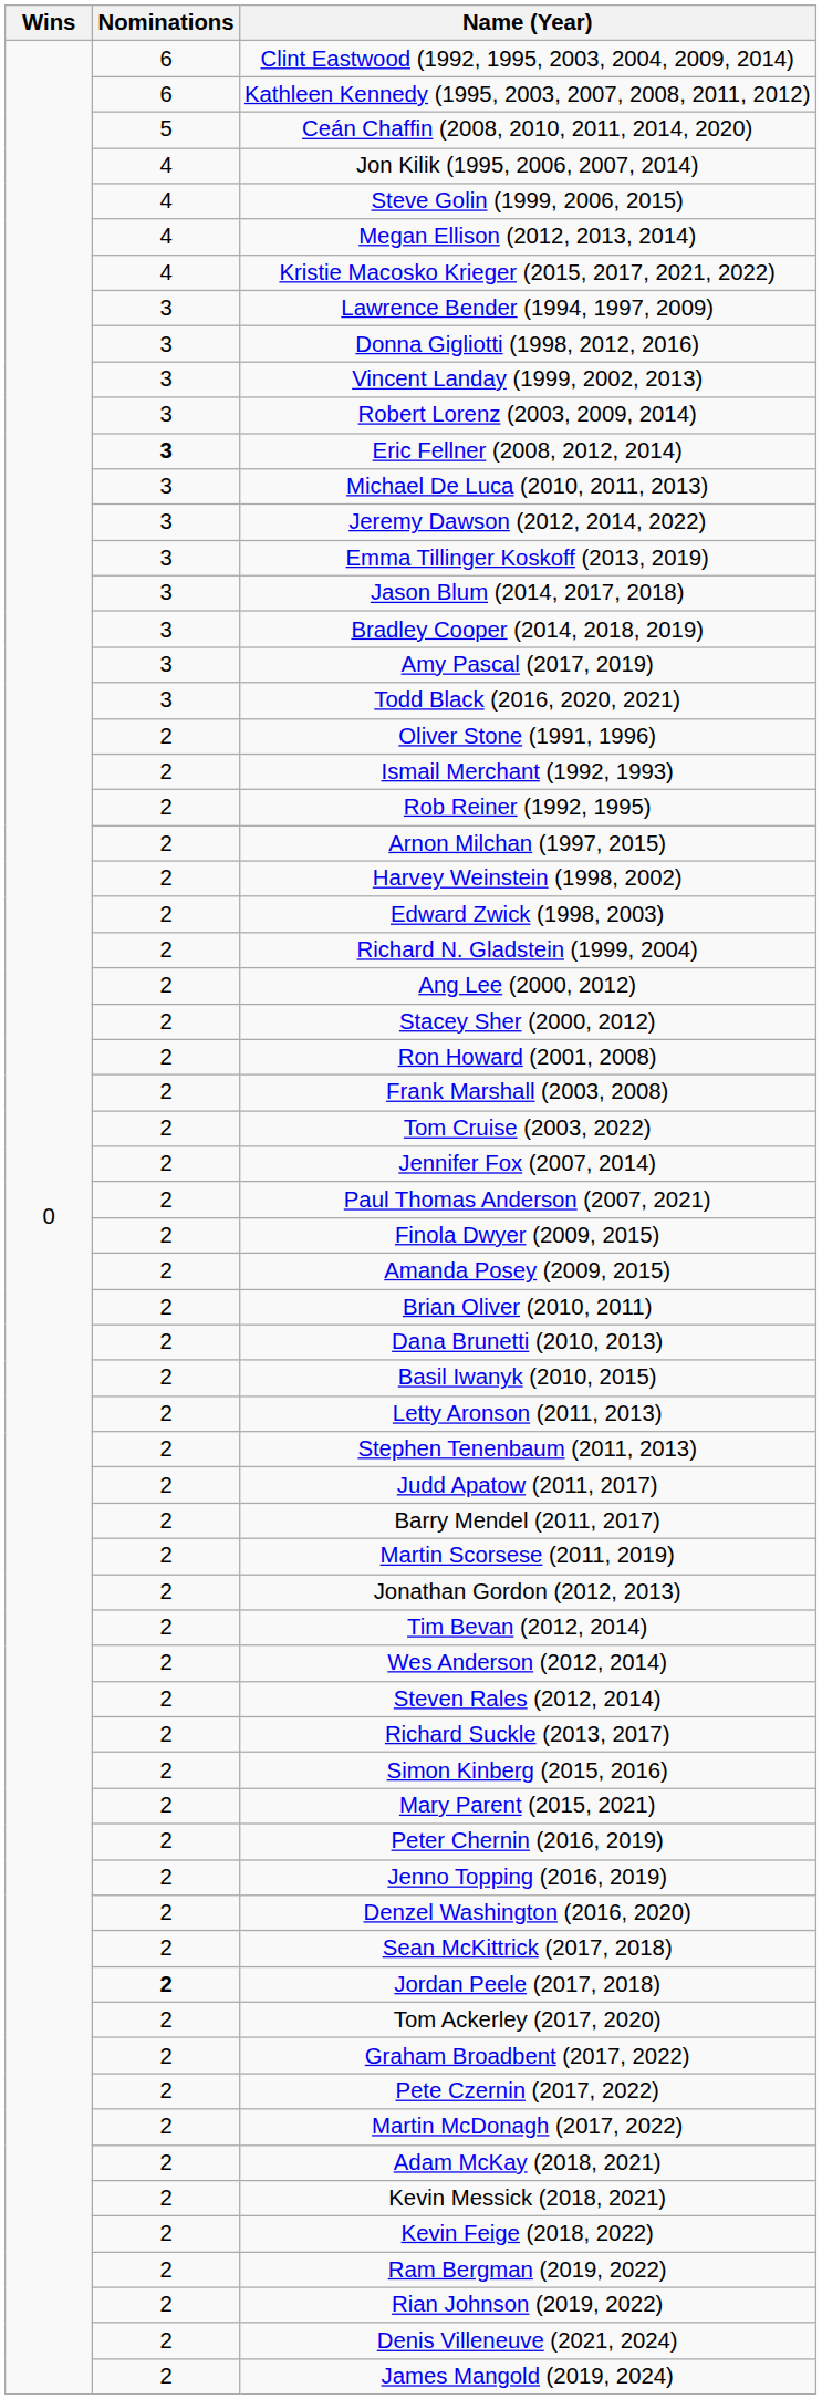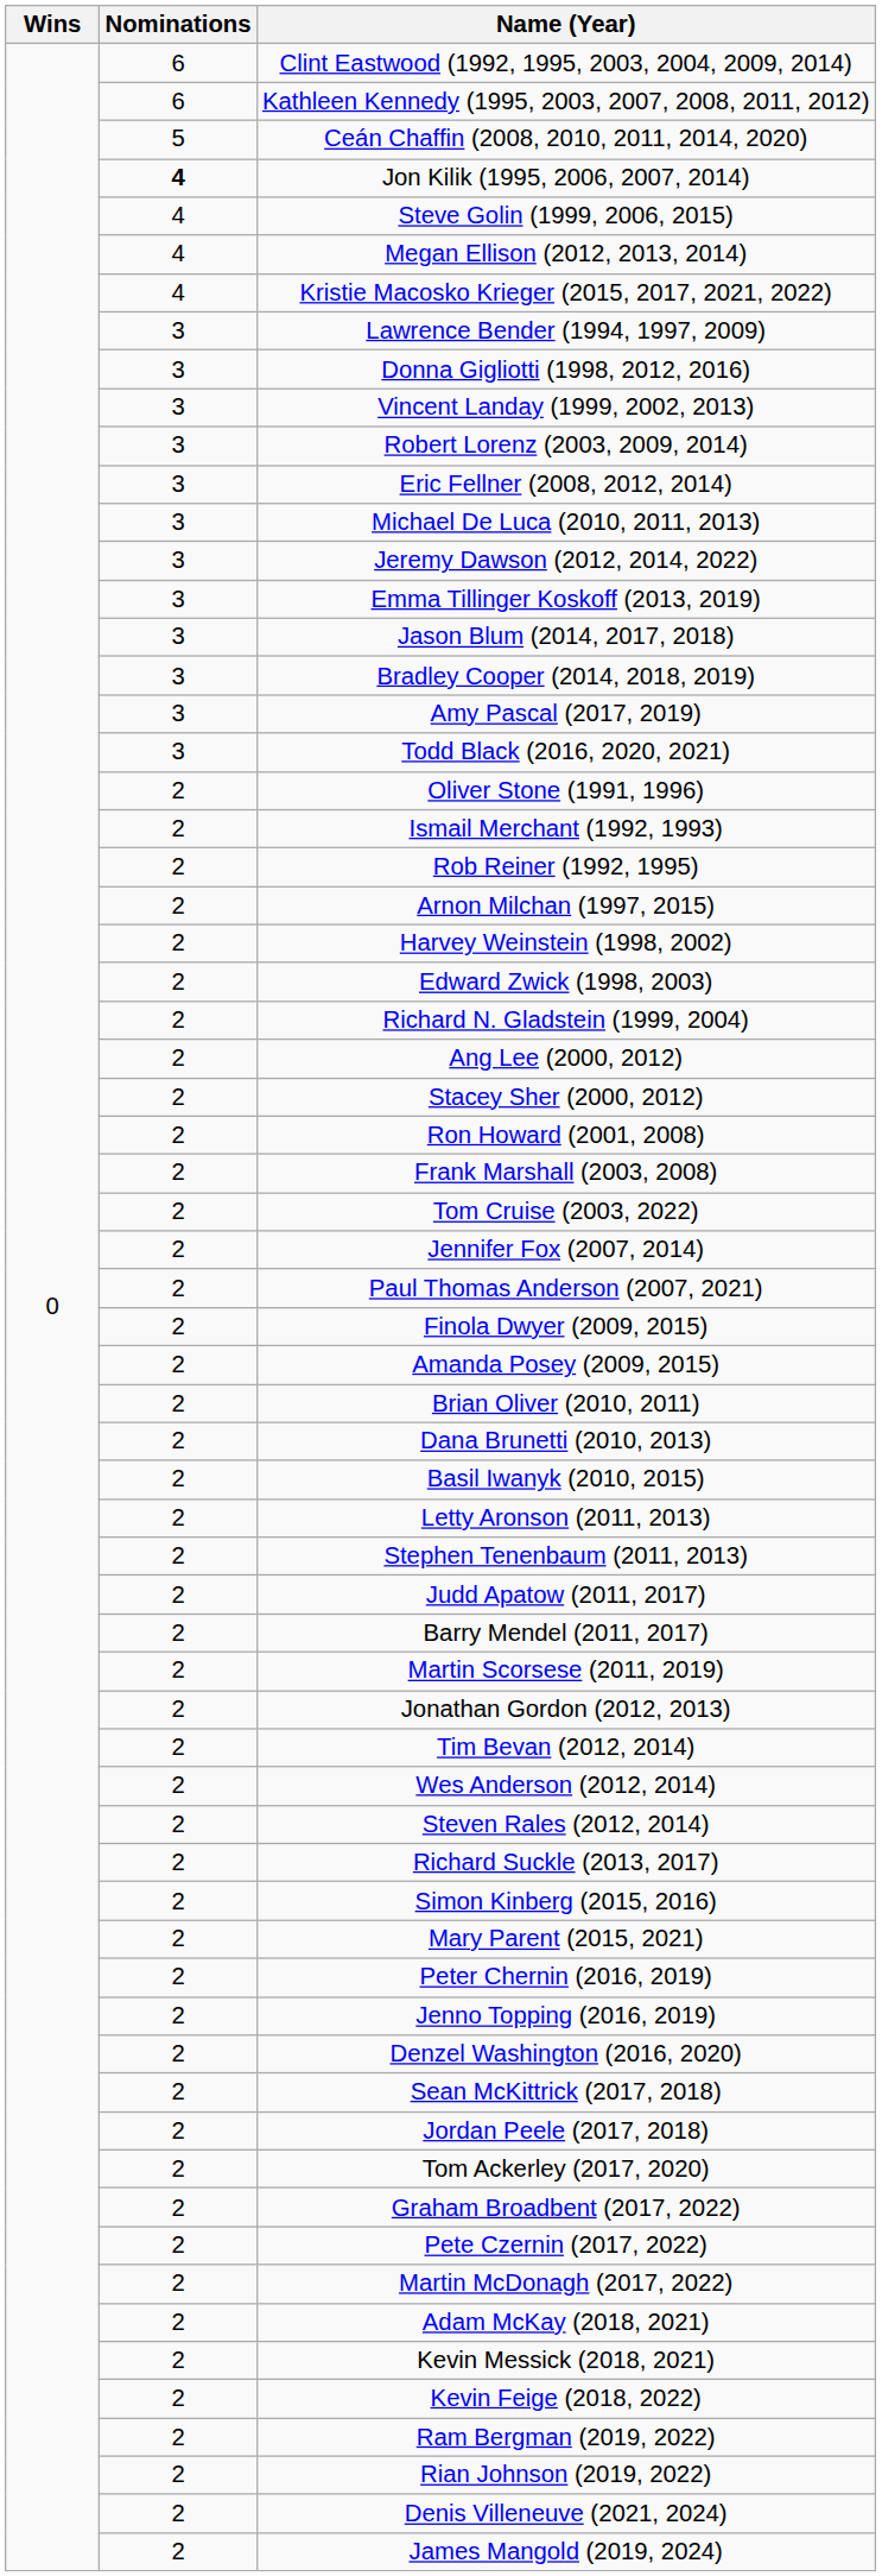 <table class="wikitable sortable" rowspan="2" style="text-align:center;" background: #f6e39c;>
 <tr>
 <th scope="col" style="width:55px;">Wins</th>
 <th scope="col">Nominations</th>
 <th scope="col">Name (Year)</th>
 </tr>
 <tr>
 <td rowspan=66 style="text-align:center">0</td>
 <td>6</td>
 <td><a href='#'>Clint Eastwood</a> (1992, 1995, 2003, 2004, 2009, 2014)</td>
 </tr>
 <tr>
 <td>6</td>
 <td><a href='#'>Kathleen Kennedy</a> (1995, 2003, 2007, 2008, 2011, 2012)</td>
 </tr>
 <tr>
 <td>5</td>
 <td><a href='#'>Ceán Chaffin</a> (2008, 2010, 2011, 2014, 2020)</td>
 </tr>
 <tr>
-<td>4</td>
+<td><strong>4</strong></td>
 <td>Jon Kilik (1995, 2006, 2007, 2014)</td>
 </tr>
 <tr>
 <td>4</td>
 <td><a href='#'>Steve Golin</a> (1999, 2006, 2015)</td>
 </tr>
 <tr>
 <td>4</td>
 <td><a href='#'>Megan Ellison</a> (2012, 2013, 2014)</td>
 </tr>
 <tr>
 <td>4</td>
 <td><a href='#'>Kristie Macosko Krieger</a> (2015, 2017, 2021, 2022)</td>
 </tr>
 <tr>
 <td>3</td>
 <td><a href='#'>Lawrence Bender</a> (1994, 1997, 2009)</td>
 </tr>
 <tr>
 <td>3</td>
 <td><a href='#'>Donna Gigliotti</a> (1998, 2012, 2016)</td>
 </tr>
 <tr>
 <td>3</td>
 <td><a href='#'>Vincent Landay</a> (1999, 2002, 2013)</td>
 </tr>
 <tr>
 <td>3</td>
 <td><a href='#'>Robert Lorenz</a> (2003, 2009, 2014)</td>
 </tr>
 <tr>
-<td><strong>3</strong></td>
+<td>3</td>
 <td><a href='#'>Eric Fellner</a> (2008, 2012, 2014)</td>
 </tr>
 <tr>
 <td>3</td>
 <td><a href='#'>Michael De Luca</a> (2010, 2011, 2013)</td>
 </tr>
 <tr>
 <td>3</td>
 <td><a href='#'>Jeremy Dawson</a> (2012, 2014, 2022)</td>
 </tr>
 <tr>
 <td>3</td>
 <td><a href='#'>Emma Tillinger Koskoff</a> (2013, 2019)</td>
 </tr>
 <tr>
 <td>3</td>
 <td><a href='#'>Jason Blum</a> (2014, 2017, 2018)</td>
 </tr>
 <tr>
 <td>3</td>
 <td><a href='#'>Bradley Cooper</a> (2014, 2018, 2019)</td>
 </tr>
 <tr>
 <td>3</td>
 <td><a href='#'>Amy Pascal</a> (2017, 2019)</td>
 </tr>
 <tr>
 <td>3</td>
 <td><a href='#'>Todd Black</a> (2016, 2020, 2021)</td>
 </tr>
 <tr>
 <td>2</td>
 <td><a href='#'>Oliver Stone</a> (1991, 1996)</td>
 </tr>
 <tr>
 <td>2</td>
 <td><a href='#'>Ismail Merchant</a> (1992, 1993)</td>
 </tr>
 <tr>
 <td>2</td>
 <td><a href='#'>Rob Reiner</a> (1992, 1995)</td>
 </tr>
 <tr>
 <td>2</td>
 <td><a href='#'>Arnon Milchan</a> (1997, 2015)</td>
 </tr>
 <tr>
 <td>2</td>
 <td><a href='#'>Harvey Weinstein</a> (1998, 2002)</td>
 </tr>
 <tr>
 <td>2</td>
 <td><a href='#'>Edward Zwick</a> (1998, 2003)</td>
 </tr>
 <tr>
 <td>2</td>
 <td><a href='#'>Richard N. Gladstein</a> (1999, 2004)</td>
 </tr>
 <tr>
 <td>2</td>
 <td><a href='#'>Ang Lee</a> (2000, 2012)</td>
 </tr>
 <tr>
 <td>2</td>
 <td><a href='#'>Stacey Sher</a> (2000, 2012)</td>
 </tr>
 <tr>
 <td>2</td>
 <td><a href='#'>Ron Howard</a> (2001, 2008)</td>
 </tr>
 <tr>
 <td>2</td>
 <td><a href='#'>Frank Marshall</a> (2003, 2008)</td>
 </tr>
 <tr>
 <td>2</td>
 <td><a href='#'>Tom Cruise</a> (2003, 2022)</td>
 </tr>
 <tr>
 <td>2</td>
 <td><a href='#'>Jennifer Fox</a> (2007, 2014)</td>
 </tr>
 <tr>
 <td>2</td>
 <td><a href='#'>Paul Thomas Anderson</a> (2007, 2021)</td>
 </tr>
 <tr>
 <td>2</td>
 <td><a href='#'>Finola Dwyer</a> (2009, 2015)</td>
 </tr>
 <tr>
 <td>2</td>
 <td><a href='#'>Amanda Posey</a> (2009, 2015)</td>
 </tr>
 <tr>
 <td>2</td>
 <td><a href='#'>Brian Oliver</a> (2010, 2011)</td>
 </tr>
 <tr>
 <td>2</td>
 <td><a href='#'>Dana Brunetti</a> (2010, 2013)</td>
 </tr>
 <tr>
 <td>2</td>
 <td><a href='#'>Basil Iwanyk</a> (2010, 2015)</td>
 </tr>
 <tr>
 <td>2</td>
 <td><a href='#'>Letty Aronson</a> (2011, 2013)</td>
 </tr>
 <tr>
 <td>2</td>
 <td><a href='#'>Stephen Tenenbaum</a> (2011, 2013)</td>
 </tr>
 <tr>
 <td>2</td>
 <td><a href='#'>Judd Apatow</a> (2011, 2017)</td>
 </tr>
 <tr>
 <td>2</td>
 <td>Barry Mendel (2011, 2017)</td>
 </tr>
 <tr>
 <td>2</td>
 <td><a href='#'>Martin Scorsese</a> (2011, 2019)</td>
 </tr>
 <tr>
 <td>2</td>
 <td>Jonathan Gordon (2012, 2013)</td>
 </tr>
 <tr>
 <td>2</td>
 <td><a href='#'>Tim Bevan</a> (2012, 2014)</td>
 </tr>
 <tr>
 <td>2</td>
 <td><a href='#'>Wes Anderson</a> (2012, 2014)</td>
 </tr>
 <tr>
 <td>2</td>
 <td><a href='#'>Steven Rales</a> (2012, 2014)</td>
 </tr>
 <tr>
 <td>2</td>
 <td><a href='#'>Richard Suckle</a> (2013, 2017)</td>
 </tr>
 <tr>
 <td>2</td>
 <td><a href='#'>Simon Kinberg</a> (2015, 2016)</td>
 </tr>
 <tr>
 <td>2</td>
 <td><a href='#'>Mary Parent</a> (2015, 2021)</td>
 </tr>
 <tr>
 <td>2</td>
 <td><a href='#'>Peter Chernin</a> (2016, 2019)</td>
 </tr>
 <tr>
 <td>2</td>
 <td><a href='#'>Jenno Topping</a> (2016, 2019)</td>
 </tr>
 <tr>
 <td>2</td>
 <td><a href='#'>Denzel Washington</a> (2016, 2020)</td>
 </tr>
 <tr>
 <td>2</td>
 <td><a href='#'>Sean McKittrick</a> (2017, 2018)</td>
 </tr>
 <tr>
-<td><strong>2</strong></td>
+<td>2</td>
 <td><a href='#'>Jordan Peele</a> (2017, 2018)</td>
 </tr>
 <tr>
 <td>2</td>
 <td>Tom Ackerley (2017, 2020)</td>
 </tr>
 <tr>
 <td>2</td>
 <td><a href='#'>Graham Broadbent</a> (2017, 2022)</td>
 </tr>
 <tr>
 <td>2</td>
 <td><a href='#'>Pete Czernin</a> (2017, 2022)</td>
 </tr>
 <tr>
 <td>2</td>
 <td><a href='#'>Martin McDonagh</a> (2017, 2022)</td>
 </tr>
 <tr>
 <td>2</td>
 <td><a href='#'>Adam McKay</a> (2018, 2021)</td>
 </tr>
 <tr>
 <td>2</td>
 <td>Kevin Messick (2018, 2021)</td>
 </tr>
 <tr>
 <td>2</td>
 <td><a href='#'>Kevin Feige</a> (2018, 2022)</td>
 </tr>
 <tr>
 <td>2</td>
 <td><a href='#'>Ram Bergman</a> (2019, 2022)</td>
 </tr>
 <tr>
 <td>2</td>
 <td><a href='#'>Rian Johnson</a> (2019, 2022)</td>
 </tr>
 <tr>
 <td>2</td>
 <td><a href='#'>Denis Villeneuve</a> (2021, 2024)</td>
 </tr>
 <tr>
 <td>2</td>
 <td><a href='#'>James Mangold</a> (2019, 2024)</td>
 </tr>
 </table>
